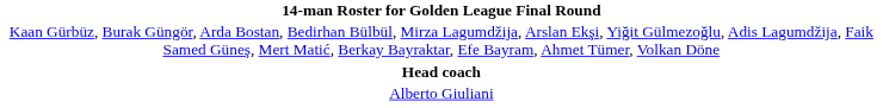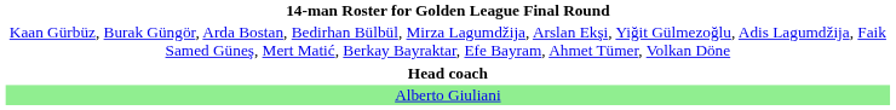 <table style="text-align:center; margin-top:2em; margin-left:auto; margin-right:auto">
 <tr>
 <td><strong>14-man Roster for Golden League Final Round</strong></td>
 </tr>
 <tr>
 <td><a href='#'>Kaan Gürbüz</a>, <a href='#'>Burak Güngör</a>, <a href='#'>Arda Bostan</a>, <a href='#'>Bedirhan Bülbül</a>, <a href='#'>Mirza Lagumdžija</a>, <a href='#'>Arslan Ekşi</a>, <a href='#'>Yiğit Gülmezoğlu</a>, <a href='#'>Adis Lagumdžija</a>, <a href='#'>Faik Samed Güneş</a>, <a href='#'>Mert Matić</a>, <a href='#'>Berkay Bayraktar</a>, <a href='#'>Efe Bayram</a>, <a href='#'>Ahmet Tümer</a>, <a href='#'>Volkan Döne</a></td>
 </tr>
 <tr>
 <td><strong>Head coach</strong></td>
 </tr>
 <tr>
-<td><a href='#'>Alberto Giuliani</a></td>
+<td style="background: lightgreen;"><a href='#'>Alberto Giuliani</a></td>
 </tr>
 </table>
